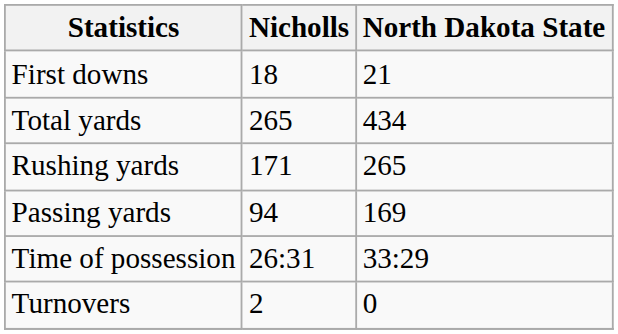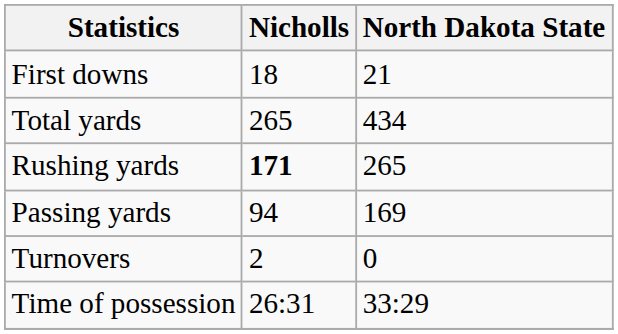 <table class="wikitable">
 <tr>
 <th>Statistics</th>
 <th>Nicholls</th>
 <th>North Dakota State</th>
 </tr>
 <tr>
 <td>First downs</td>
 <td>18</td>
 <td>21</td>
 </tr>
 <tr>
 <td>Total yards</td>
 <td>265</td>
 <td>434</td>
 </tr>
 <tr>
 <td>Rushing yards</td>
-<td>171</td>
+<td><strong>171</strong></td>
 <td>265</td>
 </tr>
 <tr>
 <td>Passing yards</td>
 <td>94</td>
 <td>169</td>
 </tr>
 <tr>
+<td>Turnovers</td>
+<td>2</td>
+<td>0</td>
+</tr>
+<tr>
 <td>Time of possession</td>
 <td>26:31</td>
 <td>33:29</td>
 </tr>
 <tr>
-<td>Turnovers</td>
-<td>2</td>
-<td>0</td>
-</tr>
-<tr>
 </tr>
 </table>
